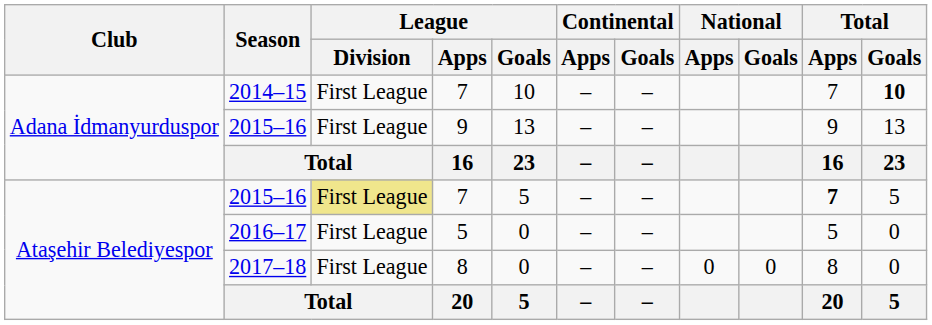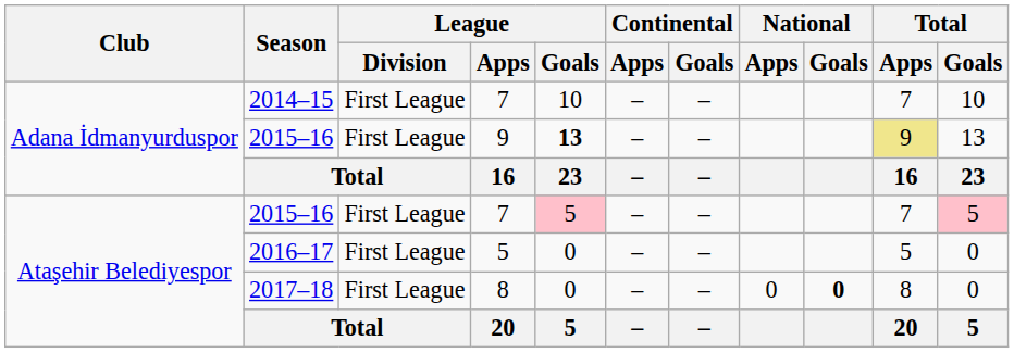 <table class="wikitable" style="text-align: center;">
 <tr>
 <th rowspan=2>Club</th>
 <th rowspan=2>Season</th>
 <th colspan=3>League</th>
 <th colspan=2>Continental</th>
 <th colspan=2>National</th>
 <th colspan=2>Total</th>
 </tr>
 <tr>
 <th>Division</th>
 <th>Apps</th>
 <th>Goals</th>
 <th>Apps</th>
 <th>Goals</th>
 <th>Apps</th>
 <th>Goals</th>
 <th>Apps</th>
 <th>Goals</th>
 </tr>
 <tr>
 <td rowspan=3><a href='#'>Adana İdmanyurduspor</a></td>
 <td><a href='#'>2014–15</a></td>
 <td>First League</td>
 <td>7</td>
 <td>10</td>
 <td>–</td>
 <td>–</td>
 <td></td>
 <td></td>
 <td>7</td>
-<td><strong>10</strong></td>
+<td>10</td>
 </tr>
 <tr>
 <td><a href='#'>2015–16</a></td>
 <td>First League</td>
 <td>9</td>
-<td>13</td>
+<td><strong>13</strong></td>
 <td>–</td>
 <td>–</td>
 <td></td>
 <td></td>
-<td>9</td>
+<td style="background: khaki;">9</td>
 <td>13</td>
 </tr>
 <tr>
 <th colspan=2>Total</th>
 <th>16</th>
 <th>23</th>
 <th>–</th>
 <th>–</th>
 <th></th>
 <th></th>
 <th>16</th>
 <th>23</th>
 </tr>
 <tr>
 <td rowspan=4><a href='#'>Ataşehir Belediyespor</a></td>
 <td><a href='#'>2015–16</a></td>
-<td style="background: khaki;">First League</td>
+<td>First League</td>
 <td>7</td>
-<td>5</td>
+<td style="background: pink;">5</td>
 <td>–</td>
 <td>–</td>
 <td></td>
 <td></td>
-<td><strong>7</strong></td>
-<td>5</td>
+<td>7</td>
+<td style="background: pink;">5</td>
 </tr>
 <tr>
 <td><a href='#'>2016–17</a></td>
 <td>First League</td>
 <td>5</td>
 <td>0</td>
 <td>–</td>
 <td>–</td>
 <td></td>
 <td></td>
 <td>5</td>
 <td>0</td>
 </tr>
 <tr>
 <td><a href='#'>2017–18</a></td>
 <td>First League</td>
 <td>8</td>
 <td>0</td>
 <td>–</td>
 <td>–</td>
 <td>0</td>
-<td>0</td>
+<td><strong>0</strong></td>
 <td>8</td>
 <td>0</td>
 </tr>
 <tr>
 <th colspan=2>Total</th>
 <th>20</th>
 <th>5</th>
 <th>–</th>
 <th>–</th>
 <th></th>
 <th></th>
 <th>20</th>
 <th>5</th>
 </tr>
 </table>
